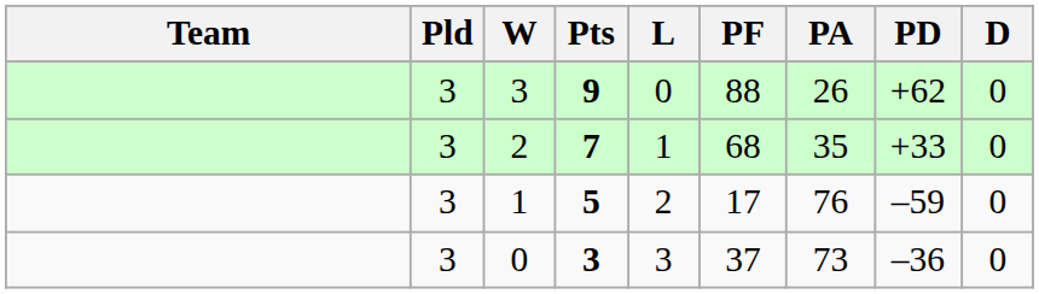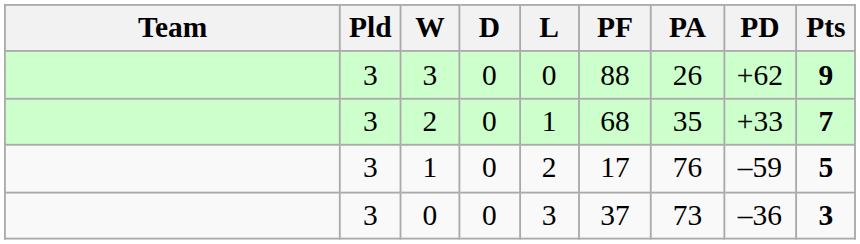 <table class="wikitable" style="text-align:center;">
 <tr>
 <th width=175>Team</th>
 <th width=25 abbr="Played">Pld</th>
 <th width=25 abbr="Won">W</th>
-<th width=25 abbr="Points">Pts</th>
+<th width=25 abbr="Drawn">D</th>
 <th width=25 abbr="Lost">L</th>
 <th width=32 abbr="Points for">PF</th>
 <th width=32 abbr="Points against">PA</th>
 <th width=32 abbr="Points difference">PD</th>
-<th width=25 abbr="Drawn">D</th>
+<th width=25 abbr="Points">Pts</th>
 </tr>
 <tr bgcolor=ccffcc>
 <td align=left></td>
 <td>3</td>
 <td>3</td>
-<td><strong>9</strong></td>
+<td>0</td>
 <td>0</td>
 <td>88</td>
 <td>26</td>
 <td>+62</td>
-<td>0</td>
+<td><strong>9</strong></td>
 </tr>
 <tr bgcolor=ccffcc>
 <td align=left></td>
 <td>3</td>
 <td>2</td>
-<td><strong>7</strong></td>
+<td>0</td>
 <td>1</td>
 <td>68</td>
 <td>35</td>
 <td>+33</td>
-<td>0</td>
+<td><strong>7</strong></td>
 </tr>
 <tr>
 <td align=left></td>
 <td>3</td>
 <td>1</td>
-<td><strong>5</strong></td>
+<td>0</td>
 <td>2</td>
 <td>17</td>
 <td>76</td>
 <td>–59</td>
-<td>0</td>
+<td><strong>5</strong></td>
 </tr>
 <tr>
 <td align=left></td>
 <td>3</td>
 <td>0</td>
-<td><strong>3</strong></td>
+<td>0</td>
 <td>3</td>
 <td>37</td>
 <td>73</td>
 <td>–36</td>
-<td>0</td>
+<td><strong>3</strong></td>
 </tr>
 </table>
